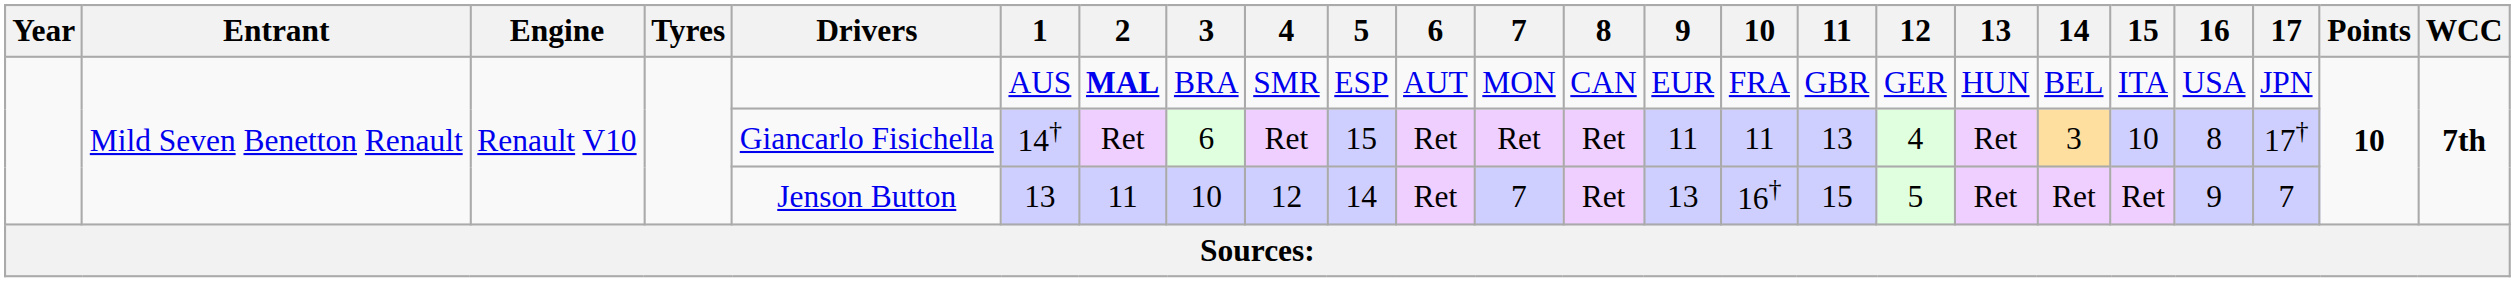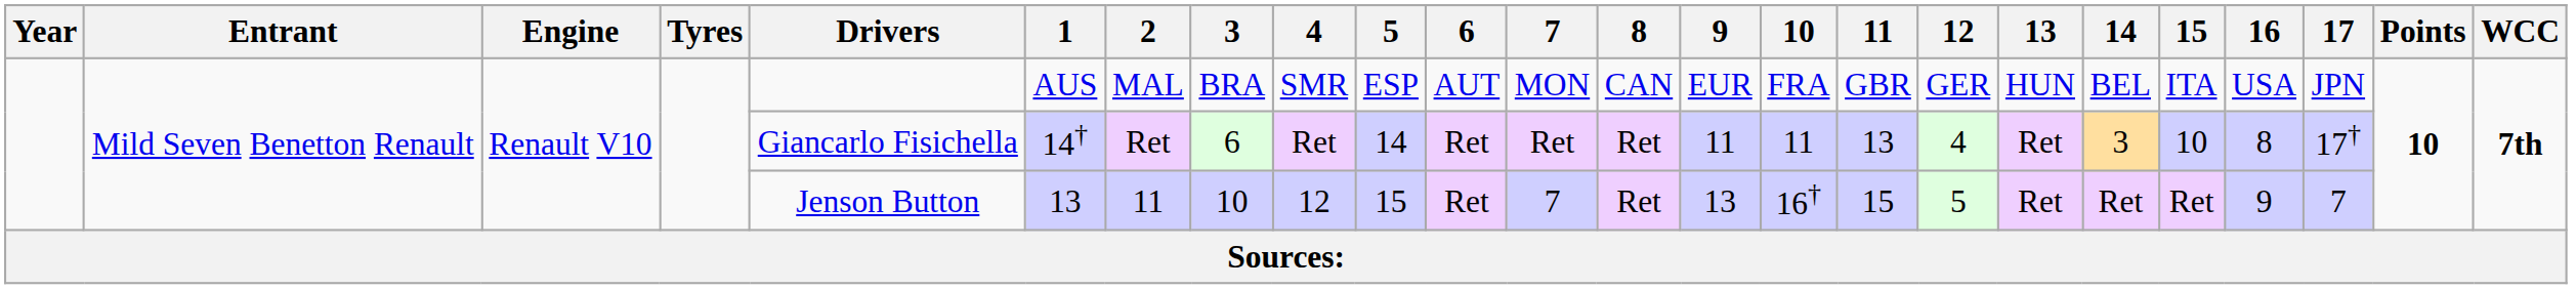 <table class="wikitable" style="text-align:center; font-size:95%">
 <tr>
 <th>Year</th>
 <th>Entrant</th>
 <th>Engine</th>
 <th>Tyres</th>
 <th>Drivers</th>
 <th>1</th>
 <th>2</th>
 <th>3</th>
 <th>4</th>
 <th>5</th>
 <th>6</th>
 <th>7</th>
 <th>8</th>
 <th>9</th>
 <th>10</th>
 <th>11</th>
 <th>12</th>
 <th>13</th>
 <th>14</th>
 <th>15</th>
 <th>16</th>
 <th>17</th>
 <th>Points</th>
 <th>WCC</th>
 </tr>
 <tr>
 <td rowspan="3"></td>
 <td rowspan="3"><a href='#'>Mild Seven</a> <a href='#'>Benetton</a> <a href='#'>Renault</a></td>
 <td rowspan="3"><a href='#'>Renault</a> <a href='#'>V10</a></td>
 <td rowspan="3"></td>
 <td></td>
 <td><a href='#'>AUS</a></td>
-<td><strong><a href='#'>MAL</a></strong></td>
+<td><a href='#'>MAL</a></td>
 <td><a href='#'>BRA</a></td>
 <td><a href='#'>SMR</a></td>
 <td><a href='#'>ESP</a></td>
 <td><a href='#'>AUT</a></td>
 <td><a href='#'>MON</a></td>
 <td><a href='#'>CAN</a></td>
 <td><a href='#'>EUR</a></td>
 <td><a href='#'>FRA</a></td>
 <td><a href='#'>GBR</a></td>
 <td><a href='#'>GER</a></td>
 <td><a href='#'>HUN</a></td>
 <td><a href='#'>BEL</a></td>
 <td><a href='#'>ITA</a></td>
 <td><a href='#'>USA</a></td>
 <td><a href='#'>JPN</a></td>
 <td rowspan="3"><strong>10</strong></td>
 <td rowspan="3"><strong>7th</strong></td>
 </tr>
 <tr>
 <td> <a href='#'>Giancarlo Fisichella</a></td>
 <td style="background:#CFCFFF;">14<sup>†</sup></td>
 <td style="background:#EFCFFF;">Ret</td>
 <td style="background:#DFFFDF;">6</td>
 <td style="background:#EFCFFF;">Ret</td>
-<td style="background:#CFCFFF;">15</td>
+<td style="background:#CFCFFF;">14</td>
 <td style="background:#EFCFFF;">Ret</td>
 <td style="background:#EFCFFF;">Ret</td>
 <td style="background:#EFCFFF;">Ret</td>
 <td style="background:#CFCFFF;">11</td>
 <td style="background:#CFCFFF;">11</td>
 <td style="background:#CFCFFF;">13</td>
 <td style="background:#DFFFDF;">4</td>
 <td style="background:#EFCFFF;">Ret</td>
 <td style="background:#FFDF9F;">3</td>
 <td style="background:#CFCFFF;">10</td>
 <td style="background:#CFCFFF;">8</td>
 <td style="background:#CFCFFF;">17<sup>†</sup></td>
 </tr>
 <tr>
 <td> <a href='#'>Jenson Button</a></td>
 <td style="background:#CFCFFF;">13</td>
 <td style="background:#CFCFFF;">11</td>
 <td style="background:#CFCFFF;">10</td>
 <td style="background:#CFCFFF;">12</td>
-<td style="background:#CFCFFF;">14</td>
+<td style="background:#CFCFFF;">15</td>
 <td style="background:#EFCFFF;">Ret</td>
 <td style="background:#CFCFFF;">7</td>
 <td style="background:#EFCFFF;">Ret</td>
 <td style="background:#CFCFFF;">13</td>
 <td style="background:#CFCFFF;">16<sup>†</sup></td>
 <td style="background:#CFCFFF;">15</td>
 <td style="background:#DFFFDF;">5</td>
 <td style="background:#EFCFFF;">Ret</td>
 <td style="background:#EFCFFF;">Ret</td>
 <td style="background:#EFCFFF;">Ret</td>
 <td style="background:#CFCFFF;">9</td>
 <td style="background:#CFCFFF;">7</td>
 </tr>
 <tr>
 <th colspan="24">Sources:</th>
 </tr>
 </table>
